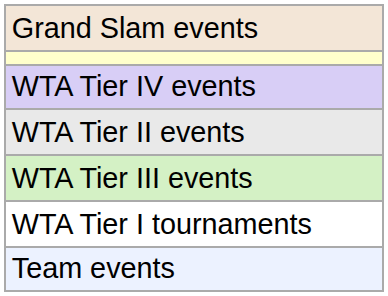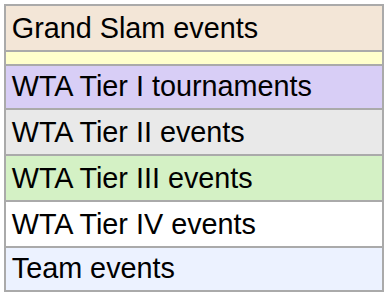 <table class=wikitable style=font-size:90%;width:15%>
 <tr style="background:#f3e6d7;">
 <td>Grand Slam events</td>
 </tr>
 <tr style="background:#ffc;">
 <td></td>
 </tr>
 <tr style="background:#d8cef6;">
-<td>WTA Tier IV events</td>
+<td>WTA Tier I tournaments</td>
 </tr>
 <tr style="background:#e9e9e9;">
 <td>WTA Tier II events</td>
 </tr>
 <tr style="background:#d4f1c5;">
 <td>WTA Tier III events</td>
 </tr>
 <tr style="background:#fff;">
-<td>WTA Tier I tournaments</td>
+<td>WTA Tier IV events</td>
 </tr>
 <tr style="background:#ecf2ff;">
 <td>Team events</td>
 </tr>
 </table>
